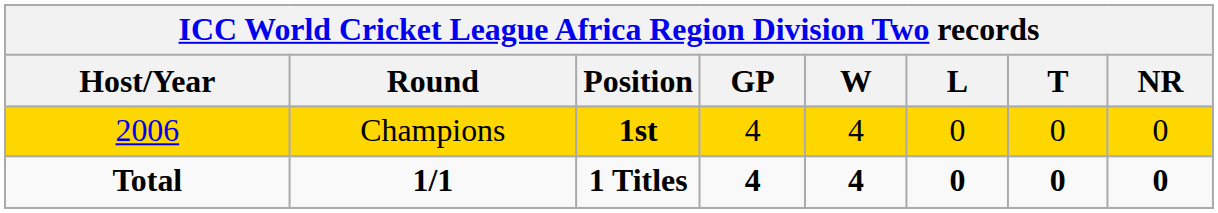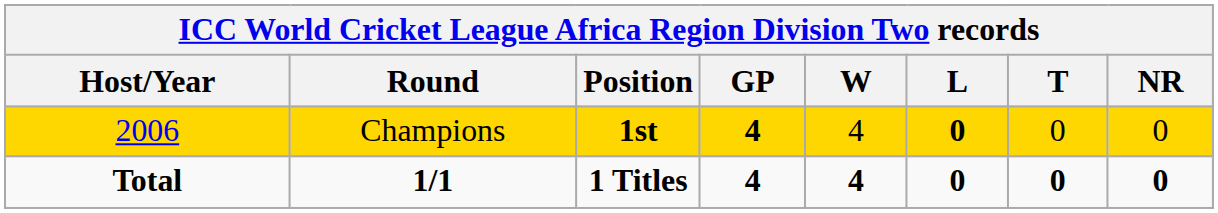 <table class="wikitable" style="text-align: center;">
 <tr>
 <th colspan=8><a href='#'>ICC World Cricket League Africa Region Division Two</a> records</th>
 </tr>
 <tr>
 <th width=150>Host/Year</th>
 <th width=150>Round</th>
 <th width=50>Position</th>
 <th width=50>GP</th>
 <th width=50>W</th>
 <th width=50>L</th>
 <th width=50>T</th>
 <th width=50>NR</th>
 </tr>
 <tr bgcolor=gold>
 <td> <a href='#'>2006</a></td>
 <td>Champions</td>
 <td><strong>1st</strong></td>
+<td><strong>4</strong></td>
 <td>4</td>
-<td>4</td>
-<td>0</td>
+<td><strong>0</strong></td>
 <td>0</td>
 <td>0</td>
 </tr>
 <tr>
 <td><strong>Total</strong></td>
 <td><strong>1/1</strong></td>
 <td><strong>1 Titles</strong></td>
 <td><strong>4</strong></td>
 <td><strong>4</strong></td>
 <td><strong>0</strong></td>
 <td><strong>0</strong></td>
 <td><strong>0</strong></td>
 </tr>
 </table>
